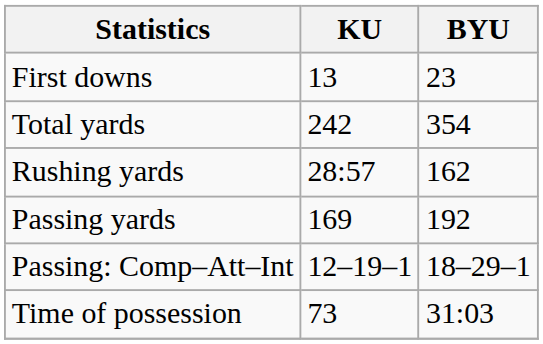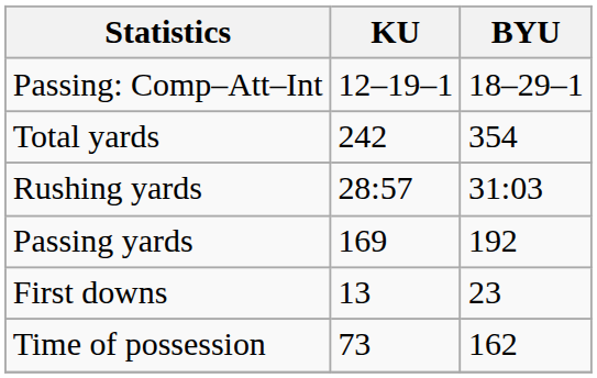 <table class="wikitable" style="float: left;">
 <tr>
 <th>Statistics</th>
 <th>KU</th>
 <th>BYU</th>
 </tr>
 <tr>
-<td>First downs</td>
-<td>13</td>
-<td>23</td>
+<td>Passing: Comp–Att–Int</td>
+<td>12–19–1</td>
+<td>18–29–1</td>
 </tr>
 <tr>
 <td>Total yards</td>
 <td>242</td>
 <td>354</td>
 </tr>
 <tr>
 <td>Rushing yards</td>
 <td>28:57</td>
-<td>162</td>
+<td>31:03</td>
 </tr>
 <tr>
 <td>Passing yards</td>
 <td>169</td>
 <td>192</td>
 </tr>
 <tr>
-<td>Passing: Comp–Att–Int</td>
-<td>12–19–1</td>
-<td>18–29–1</td>
+<td>First downs</td>
+<td>13</td>
+<td>23</td>
 </tr>
 <tr>
 <td>Time of possession</td>
 <td>73</td>
-<td>31:03</td>
+<td>162</td>
 </tr>
 <tr>
 </tr>
 </table>
